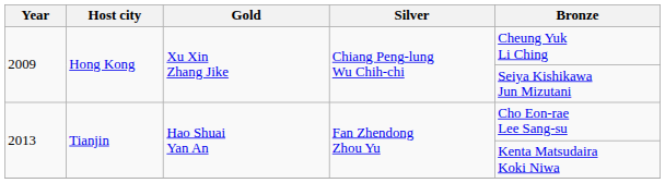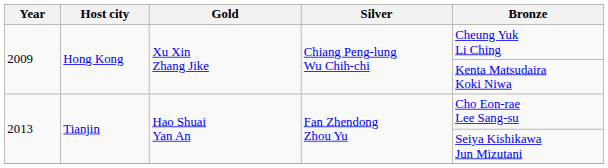 <table class="wikitable" style="text-align: left; width: 750px;">
 <tr>
 <th width="60">Year</th>
 <th width="100">Host city</th>
 <th width="175">Gold</th>
 <th width="175">Silver</th>
 <th width="175">Bronze</th>
 </tr>
 <tr>
 <td rowspan=2>2009</td>
 <td rowspan=2><a href='#'>Hong Kong</a></td>
 <td rowspan=2> <a href='#'>Xu Xin</a><br> <a href='#'>Zhang Jike</a></td>
 <td rowspan=2> <a href='#'>Chiang Peng-lung</a><br> <a href='#'>Wu Chih-chi</a></td>
 <td> <a href='#'>Cheung Yuk</a><br> <a href='#'>Li Ching</a></td>
 </tr>
 <tr>
-<td> <a href='#'>Seiya Kishikawa</a><br> <a href='#'>Jun Mizutani</a></td>
+<td> <a href='#'>Kenta Matsudaira</a><br> <a href='#'>Koki Niwa</a></td>
 </tr>
 <tr>
 <td rowspan=2>2013</td>
 <td rowspan=2><a href='#'>Tianjin</a></td>
 <td rowspan=2> <a href='#'>Hao Shuai</a><br> <a href='#'>Yan An</a></td>
 <td rowspan=2> <a href='#'>Fan Zhendong</a><br> <a href='#'>Zhou Yu</a></td>
 <td> <a href='#'>Cho Eon-rae</a><br> <a href='#'>Lee Sang-su</a></td>
 </tr>
 <tr>
-<td> <a href='#'>Kenta Matsudaira</a><br> <a href='#'>Koki Niwa</a></td>
+<td> <a href='#'>Seiya Kishikawa</a><br> <a href='#'>Jun Mizutani</a></td>
 </tr>
 <tr>
 </tr>
 </table>
